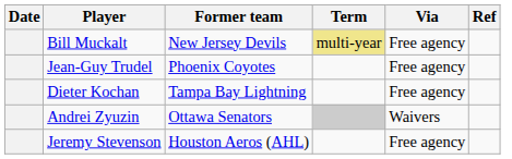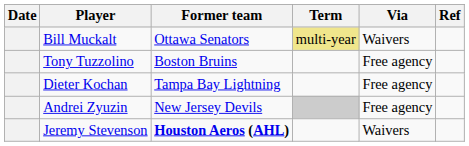 <table class="wikitable plainrowheaders">
 <tr style="background:#ddd; text-align:center;">
 <th>Date</th>
 <th>Player</th>
 <th>Former team</th>
 <th>Term</th>
 <th>Via</th>
 <th>Ref</th>
 </tr>
 <tr>
 <th scope="row"></th>
 <td><a href='#'>Bill Muckalt</a></td>
-<td><a href='#'>New Jersey Devils</a></td>
+<td><a href='#'>Ottawa Senators</a></td>
 <td style="background: khaki;">multi-year</td>
-<td>Free agency</td>
+<td>Waivers</td>
 <td></td>
 </tr>
 <tr>
 <th scope="row"></th>
-<td><a href='#'>Jean-Guy Trudel</a></td>
-<td><a href='#'>Phoenix Coyotes</a></td>
+<td><a href='#'>Tony Tuzzolino</a></td>
+<td><a href='#'>Boston Bruins</a></td>
 <td></td>
 <td>Free agency</td>
 <td></td>
 </tr>
 <tr>
 <th scope="row"></th>
 <td><a href='#'>Dieter Kochan</a></td>
 <td><a href='#'>Tampa Bay Lightning</a></td>
 <td></td>
 <td>Free agency</td>
 <td></td>
 </tr>
 <tr>
 <th scope="row"></th>
 <td><a href='#'>Andrei Zyuzin</a></td>
-<td><a href='#'>Ottawa Senators</a></td>
+<td><a href='#'>New Jersey Devils</a></td>
 <td style="background:#ccc"></td>
-<td>Waivers</td>
+<td>Free agency</td>
 <td></td>
 </tr>
 <tr>
 <th scope="row"></th>
 <td><a href='#'>Jeremy Stevenson</a></td>
-<td><a href='#'>Houston Aeros</a> (<a href='#'>AHL</a>)</td>
+<td><strong><a href='#'>Houston Aeros</a> (<a href='#'>AHL</a>)</strong></td>
 <td></td>
-<td>Free agency</td>
+<td>Waivers</td>
 <td></td>
 </tr>
 </table>
